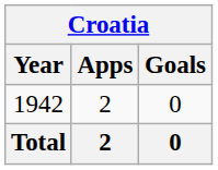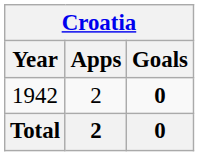 <table class="wikitable" style="text-align:center">
 <tr>
 <th colspan=3><a href='#'>Croatia</a></th>
 </tr>
 <tr>
 <th>Year</th>
 <th>Apps</th>
 <th>Goals</th>
 </tr>
 <tr>
 <td>1942</td>
 <td>2</td>
-<td>0</td>
+<td><strong>0</strong></td>
 </tr>
 <tr>
 <th>Total</th>
 <th>2</th>
 <th>0</th>
 </tr>
 </table>
